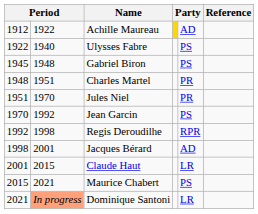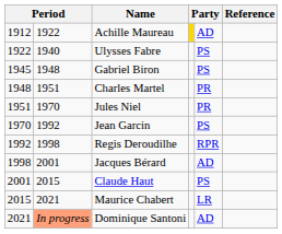 <table class="wikitable">
 <tr>
 <th colspan="2">Period</th>
 <th>Name</th>
 <th colspan="2">Party</th>
 <th>Reference</th>
 </tr>
 <tr>
 <td>1912</td>
 <td>1922</td>
 <td>Achille Maureau</td>
 <td bgcolor="gold"></td>
 <td><a href='#'>AD</a></td>
 <td></td>
 </tr>
 <tr>
 <td>1922</td>
 <td>1940</td>
 <td>Ulysses Fabre</td>
 <td style="color:inherit;background:"></td>
 <td><a href='#'>PS</a></td>
 <td></td>
 </tr>
 <tr>
 <td>1945</td>
 <td>1948</td>
 <td>Gabriel Biron</td>
 <td style="color:inherit;background:"></td>
 <td><a href='#'>PS</a></td>
 <td></td>
 </tr>
 <tr>
 <td>1948</td>
 <td>1951</td>
 <td>Charles Martel</td>
 <td style="color:inherit;background:"></td>
 <td><a href='#'>PR</a></td>
 <td></td>
 </tr>
 <tr>
 <td>1951</td>
 <td>1970</td>
 <td>Jules Niel</td>
 <td style="color:inherit;background:"></td>
 <td><a href='#'>PR</a></td>
 <td></td>
 </tr>
 <tr>
 <td>1970</td>
 <td>1992</td>
 <td>Jean Garcin</td>
 <td style="color:inherit;background:"></td>
 <td><a href='#'>PS</a></td>
 <td></td>
 </tr>
 <tr>
 <td>1992</td>
 <td>1998</td>
 <td>Regis Deroudilhe</td>
 <td style="color:inherit;background:"></td>
 <td><a href='#'>RPR</a></td>
 <td></td>
 </tr>
 <tr>
 <td>1998</td>
 <td>2001</td>
 <td>Jacques Bérard</td>
 <td style="color:inherit;background:"></td>
 <td><a href='#'>AD</a></td>
 <td></td>
 </tr>
 <tr>
 <td>2001</td>
 <td>2015</td>
 <td><a href='#'>Claude Haut</a></td>
 <td style="color:inherit;background:"></td>
-<td><a href='#'>LR</a></td>
+<td><a href='#'>PS</a></td>
 <td></td>
 </tr>
 <tr>
 <td>2015</td>
 <td>2021</td>
 <td>Maurice Chabert</td>
 <td style="color:inherit;background:"></td>
-<td><a href='#'>PS</a></td>
+<td><a href='#'>LR</a></td>
 <td></td>
 </tr>
 <tr>
 <td>2021</td>
 <td style="background: lightsalmon;"><em>In progress</em></td>
 <td>Dominique Santoni</td>
 <td style="color:inherit;background:"></td>
-<td><a href='#'>LR</a></td>
+<td><a href='#'>AD</a></td>
 <td></td>
 </tr>
 </table>
